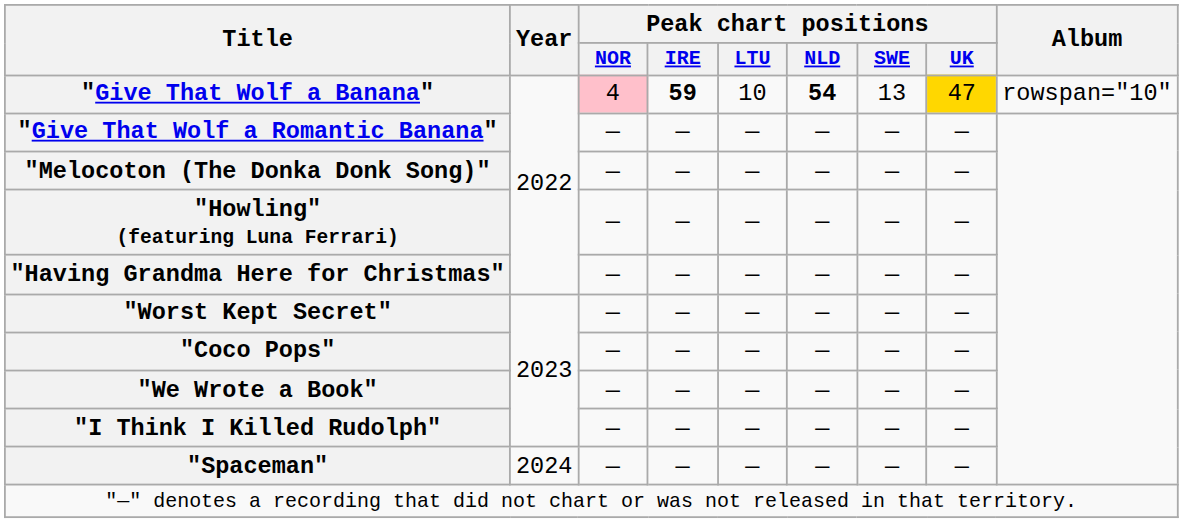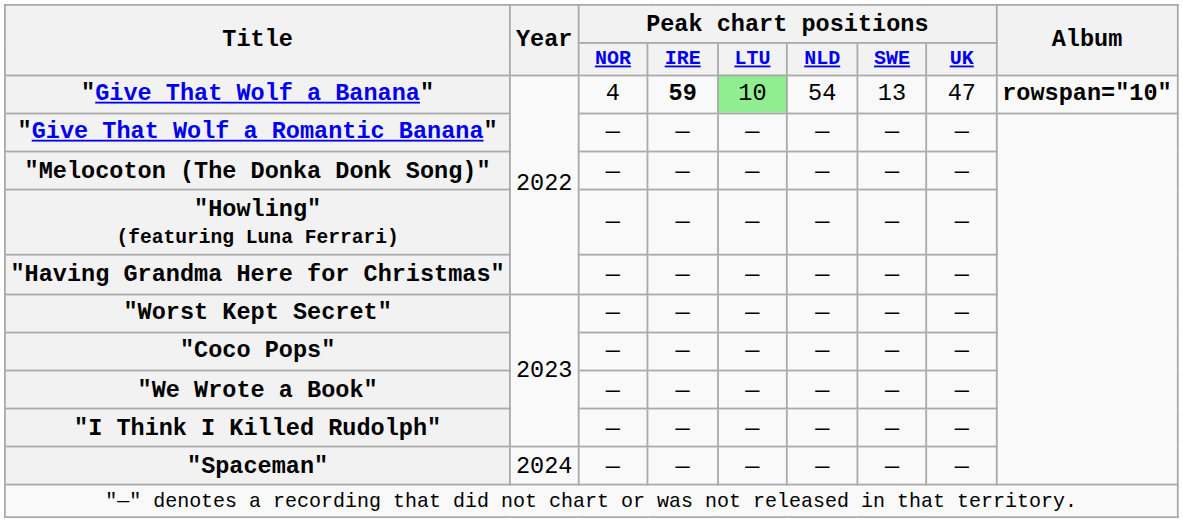 <table class="wikitable plainrowheaders" style="text-align:center;">
 <tr>
 <th scope="col" rowspan="2">Title</th>
 <th scope="col" rowspan="2">Year</th>
 <th scope="col" colspan="6">Peak chart positions</th>
 <th scope="col" rowspan="2">Album</th>
 </tr>
 <tr>
 <th scope="col" style="width:3em;font-size:85%;"><a href='#'>NOR</a><br></th>
 <th scope="col" style="width:3em;font-size:85%;"><a href='#'>IRE</a><br></th>
 <th scope="col" style="width:3em;font-size:85%;"><a href='#'>LTU</a><br></th>
 <th scope="col" style="width:3em;font-size:85%;"><a href='#'>NLD</a><br></th>
 <th scope="col" style="width:3em;font-size:85%;"><a href='#'>SWE</a><br></th>
 <th scope="col" style="width:3em;font-size:85%;"><a href='#'>UK</a><br></th>
 </tr>
 <tr>
 <th scope="row">"<a href='#'>Give That Wolf a Banana</a>"</th>
 <td rowspan="5">2022</td>
-<td style="background: pink;">4</td>
+<td>4</td>
 <td><strong>59</strong></td>
-<td>10</td>
-<td><strong>54</strong></td>
+<td style="background: lightgreen;">10</td>
+<td>54</td>
 <td>13</td>
-<td style="background: gold;">47</td>
-<td>rowspan="10" </td>
+<td>47</td>
+<td><strong>rowspan="10" </strong></td>
 </tr>
 <tr>
 <th scope="row">"<a href='#'>Give That Wolf a Romantic Banana</a>"</th>
 <td>—</td>
 <td>—</td>
 <td>—</td>
 <td>—</td>
 <td>—</td>
 <td>—</td>
 </tr>
 <tr>
 <th scope="row">"Melocoton (The Donka Donk Song)"</th>
 <td>—</td>
 <td>—</td>
 <td>—</td>
 <td>—</td>
 <td>—</td>
 <td>—</td>
 </tr>
 <tr>
 <th scope="row">"Howling"<br><small>(featuring Luna Ferrari)</small></th>
 <td>—</td>
 <td>—</td>
 <td>—</td>
 <td>—</td>
 <td>—</td>
 <td>—</td>
 </tr>
 <tr>
 <th scope="row">"Having Grandma Here for Christmas"</th>
 <td>—</td>
 <td>—</td>
 <td>—</td>
 <td>—</td>
 <td>—</td>
 <td>—</td>
 </tr>
 <tr>
 <th scope="row">"Worst Kept Secret"</th>
 <td rowspan="4">2023</td>
 <td>—</td>
 <td>—</td>
 <td>—</td>
 <td>—</td>
 <td>—</td>
 <td>—</td>
 </tr>
 <tr>
 <th scope="row">"Coco Pops"<br></th>
 <td>—</td>
 <td>—</td>
 <td>—</td>
 <td>—</td>
 <td>—</td>
 <td>—</td>
 </tr>
 <tr>
 <th scope="row">"We Wrote a Book"</th>
 <td>—</td>
 <td>—</td>
 <td>—</td>
 <td>—</td>
 <td>—</td>
 <td>—</td>
 </tr>
 <tr>
 <th scope="row">"I Think I Killed Rudolph"<br></th>
 <td>—</td>
 <td>—</td>
 <td>—</td>
 <td>—</td>
 <td>—</td>
 <td>—</td>
 </tr>
 <tr>
 <th scope="row">"Spaceman"<br></th>
 <td>2024</td>
 <td>—</td>
 <td>—</td>
 <td>—</td>
 <td>—</td>
 <td>—</td>
 <td>—</td>
 </tr>
 <tr>
 <td colspan="9" style="font-size:85%">"—" denotes a recording that did not chart or was not released in that territory.</td>
 </tr>
 </table>
